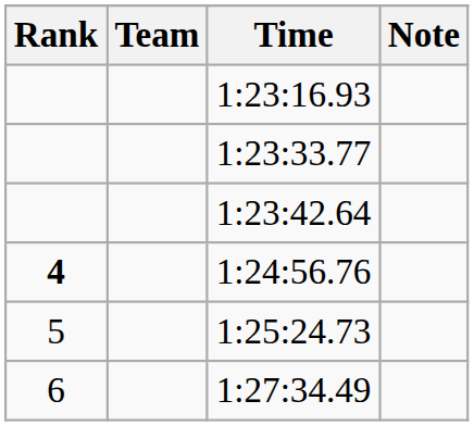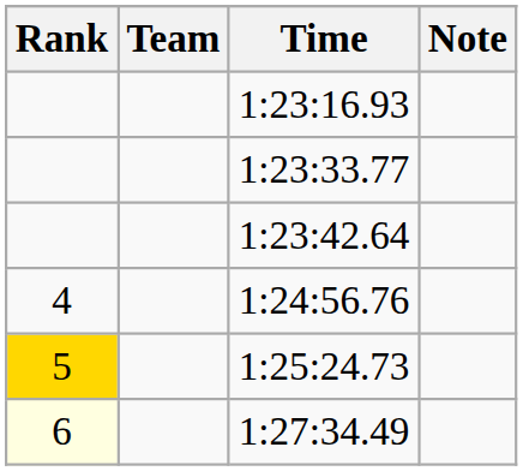 <table class="wikitable sortable" style=" text-align:center; font-size:95%;">
 <tr>
 </tr>
 <tr>
 <th>Rank</th>
 <th>Team</th>
 <th>Time</th>
 <th>Note</th>
 </tr>
 <tr>
 <td></td>
 <td align=left></td>
 <td>1:23:16.93</td>
 <td></td>
 </tr>
 <tr>
 <td></td>
 <td align=left></td>
 <td>1:23:33.77</td>
 <td></td>
 </tr>
 <tr>
 <td></td>
 <td align=left></td>
 <td>1:23:42.64</td>
 <td></td>
 </tr>
 <tr>
-<td><strong>4</strong></td>
+<td>4</td>
 <td align=left></td>
 <td>1:24:56.76</td>
 <td></td>
 </tr>
 <tr>
-<td>5</td>
+<td style="background: gold;">5</td>
 <td align=left></td>
 <td>1:25:24.73</td>
 <td></td>
 </tr>
 <tr>
-<td>6</td>
+<td style="background: lightyellow;">6</td>
 <td align=left></td>
 <td>1:27:34.49</td>
 <td></td>
 </tr>
 </table>
